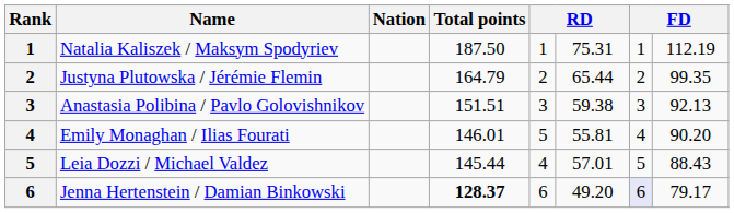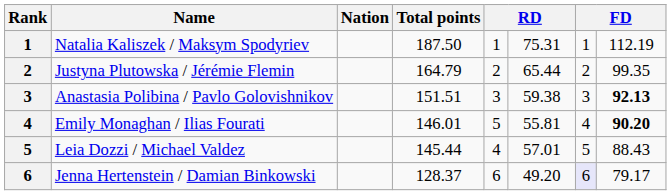 <table class="wikitable sortable">
 <tr>
 <th>Rank</th>
 <th>Name</th>
 <th>Nation</th>
 <th>Total points</th>
 <th colspan="2" width="80px"><a href='#'>RD</a></th>
 <th colspan="2" width="80px"><a href='#'>FD</a></th>
 </tr>
 <tr>
 <th>1</th>
 <td><a href='#'>Natalia Kaliszek</a> / <a href='#'>Maksym Spodyriev</a></td>
 <td></td>
 <td align="center">187.50</td>
 <td align="center">1</td>
 <td align="center">75.31</td>
 <td align="center">1</td>
 <td align="center">112.19</td>
 </tr>
 <tr>
 <th>2</th>
 <td><a href='#'>Justyna Plutowska</a> / <a href='#'>Jérémie Flemin</a></td>
 <td></td>
 <td align="center">164.79</td>
 <td align="center">2</td>
 <td align="center">65.44</td>
 <td align="center">2</td>
 <td align="center">99.35</td>
 </tr>
 <tr>
 <th>3</th>
 <td><a href='#'>Anastasia Polibina</a> / <a href='#'>Pavlo Golovishnikov</a></td>
 <td></td>
 <td align="center">151.51</td>
 <td align="center">3</td>
 <td align="center">59.38</td>
 <td align="center">3</td>
-<td align="center">92.13</td>
+<td align="center"><strong>92.13</strong></td>
 </tr>
 <tr>
 <th>4</th>
 <td><a href='#'>Emily Monaghan</a> / <a href='#'>Ilias Fourati</a></td>
 <td></td>
 <td align="center">146.01</td>
 <td align="center">5</td>
 <td align="center">55.81</td>
 <td align="center">4</td>
-<td align="center">90.20</td>
+<td align="center"><strong>90.20</strong></td>
 </tr>
 <tr>
 <th>5</th>
 <td><a href='#'>Leia Dozzi</a> / <a href='#'>Michael Valdez</a></td>
 <td></td>
 <td align="center">145.44</td>
 <td align="center">4</td>
 <td align="center">57.01</td>
 <td align="center">5</td>
 <td align="center">88.43</td>
 </tr>
 <tr>
 <th>6</th>
 <td><a href='#'>Jenna Hertenstein</a> / <a href='#'>Damian Binkowski</a></td>
 <td></td>
-<td align="center"><strong>128.37</strong></td>
+<td align="center">128.37</td>
 <td align="center">6</td>
 <td align="center">49.20</td>
 <td align="center" style="background: lavender;">6</td>
 <td align="center">79.17</td>
 </tr>
 </table>
